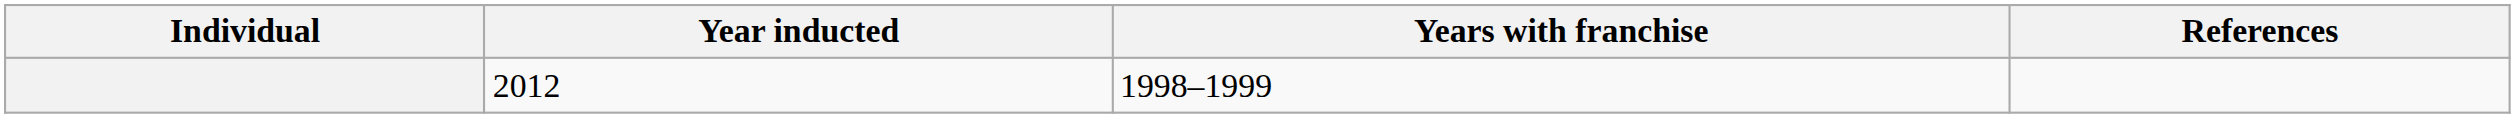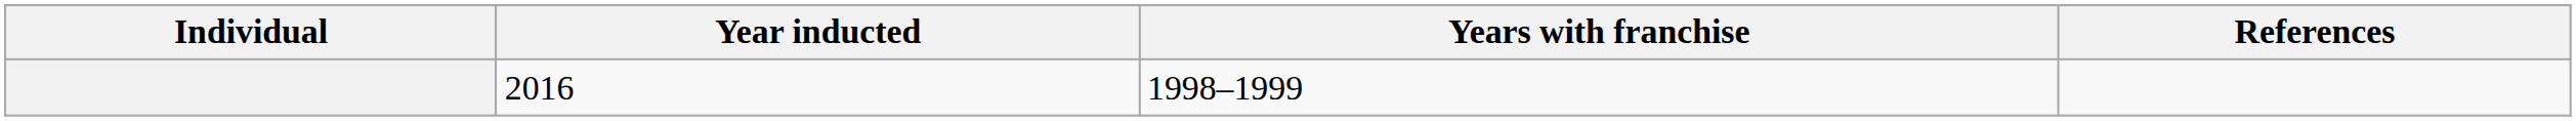 <table class="wikitable sortable" width="75%">
 <tr>
 <th scope="col">Individual</th>
 <th scope="col">Year inducted</th>
 <th scope="col">Years with franchise</th>
 <th scope="col" class="unsortable">References</th>
 </tr>
 <tr>
 <th scope="row"></th>
-<td>2012</td>
+<td>2016</td>
 <td>1998–1999</td>
 <td></td>
 </tr>
 </table>
